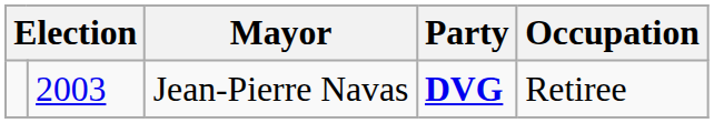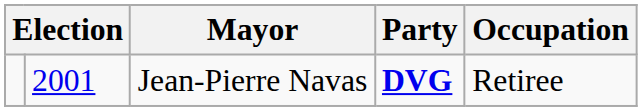 <table class="wikitable">
 <tr>
 <th colspan="2">Election</th>
 <th>Mayor</th>
 <th>Party</th>
 <th>Occupation</th>
 </tr>
 <tr>
 <td style="background-color: "></td>
-<td><a href='#'>2003</a></td>
+<td><a href='#'>2001</a></td>
 <td>Jean-Pierre Navas</td>
 <td><strong><a href='#'>DVG</a></strong></td>
 <td>Retiree</td>
 </tr>
 </table>
